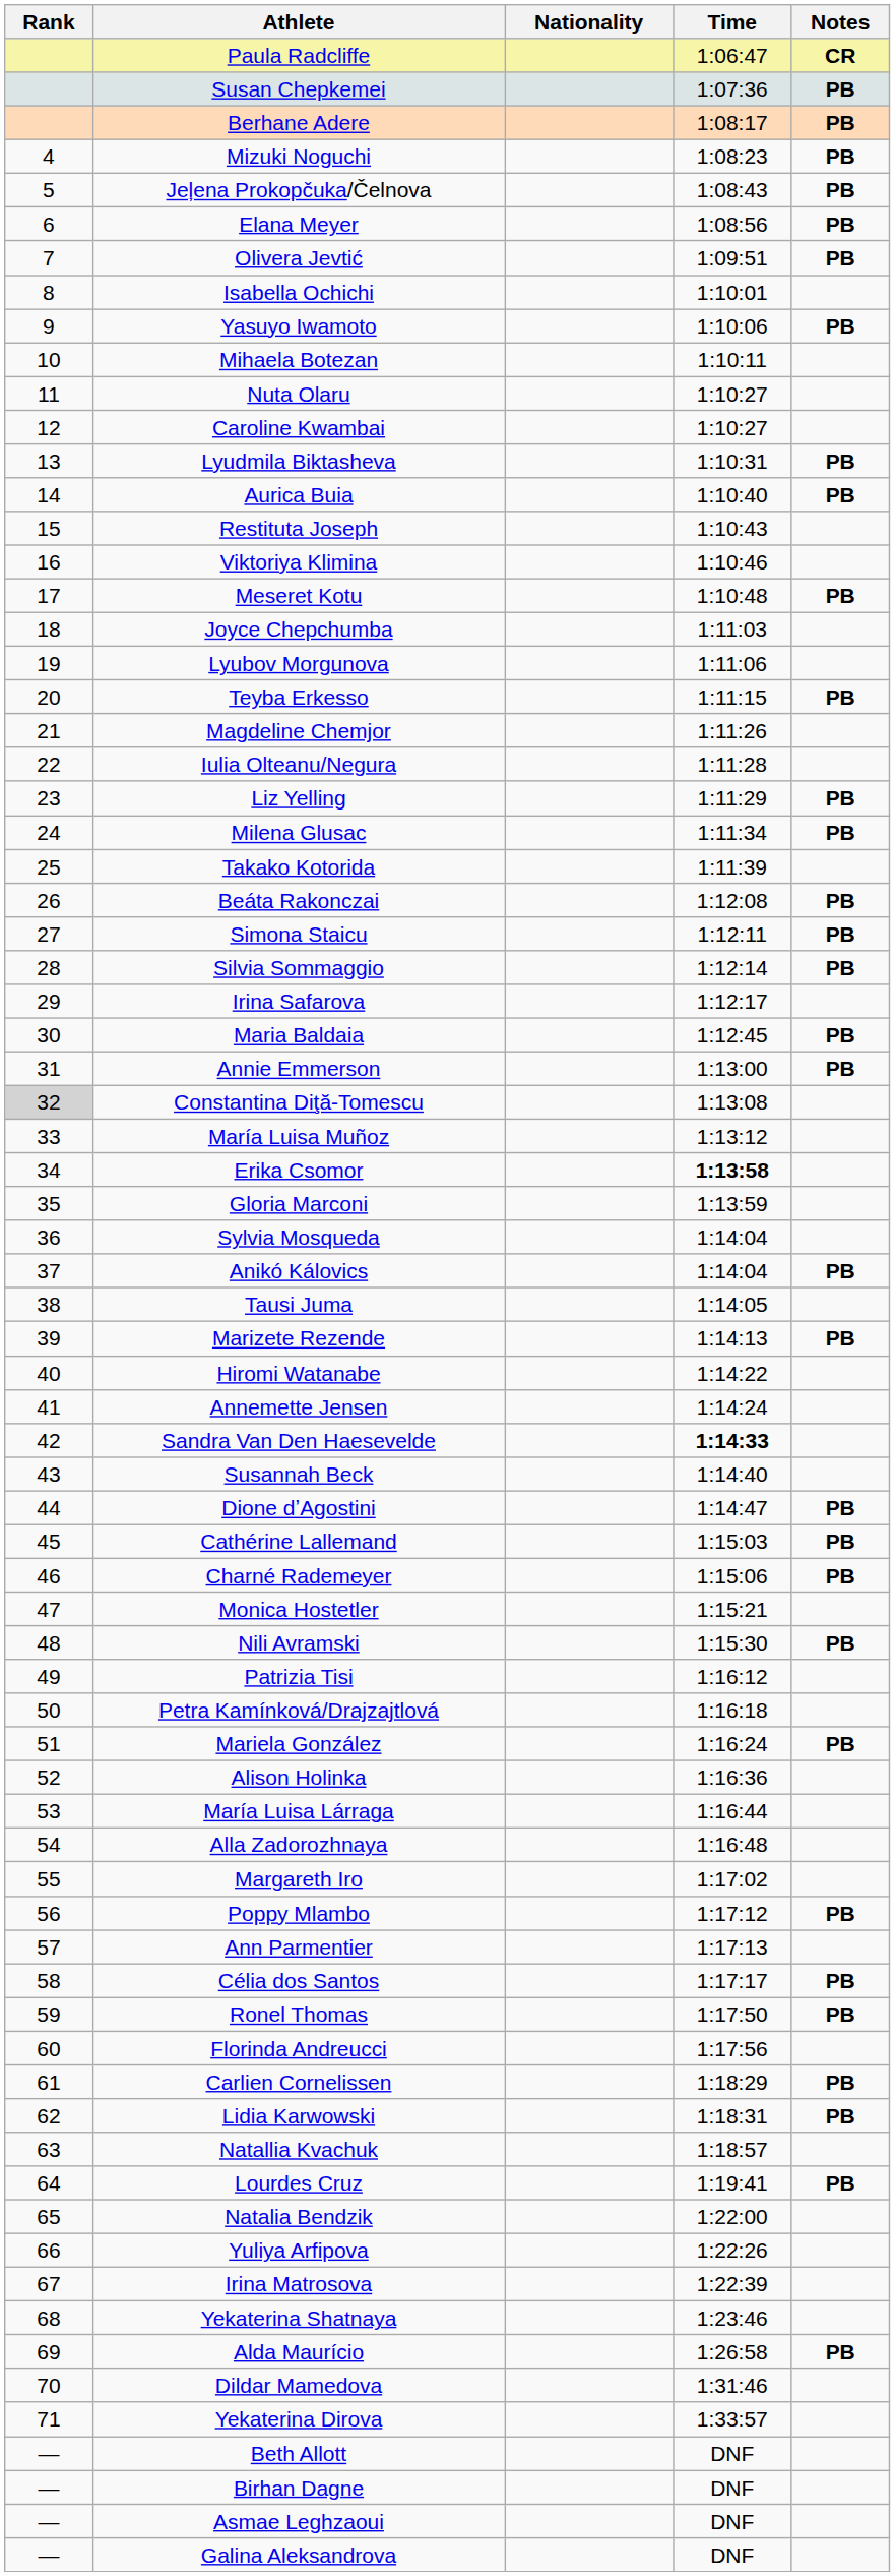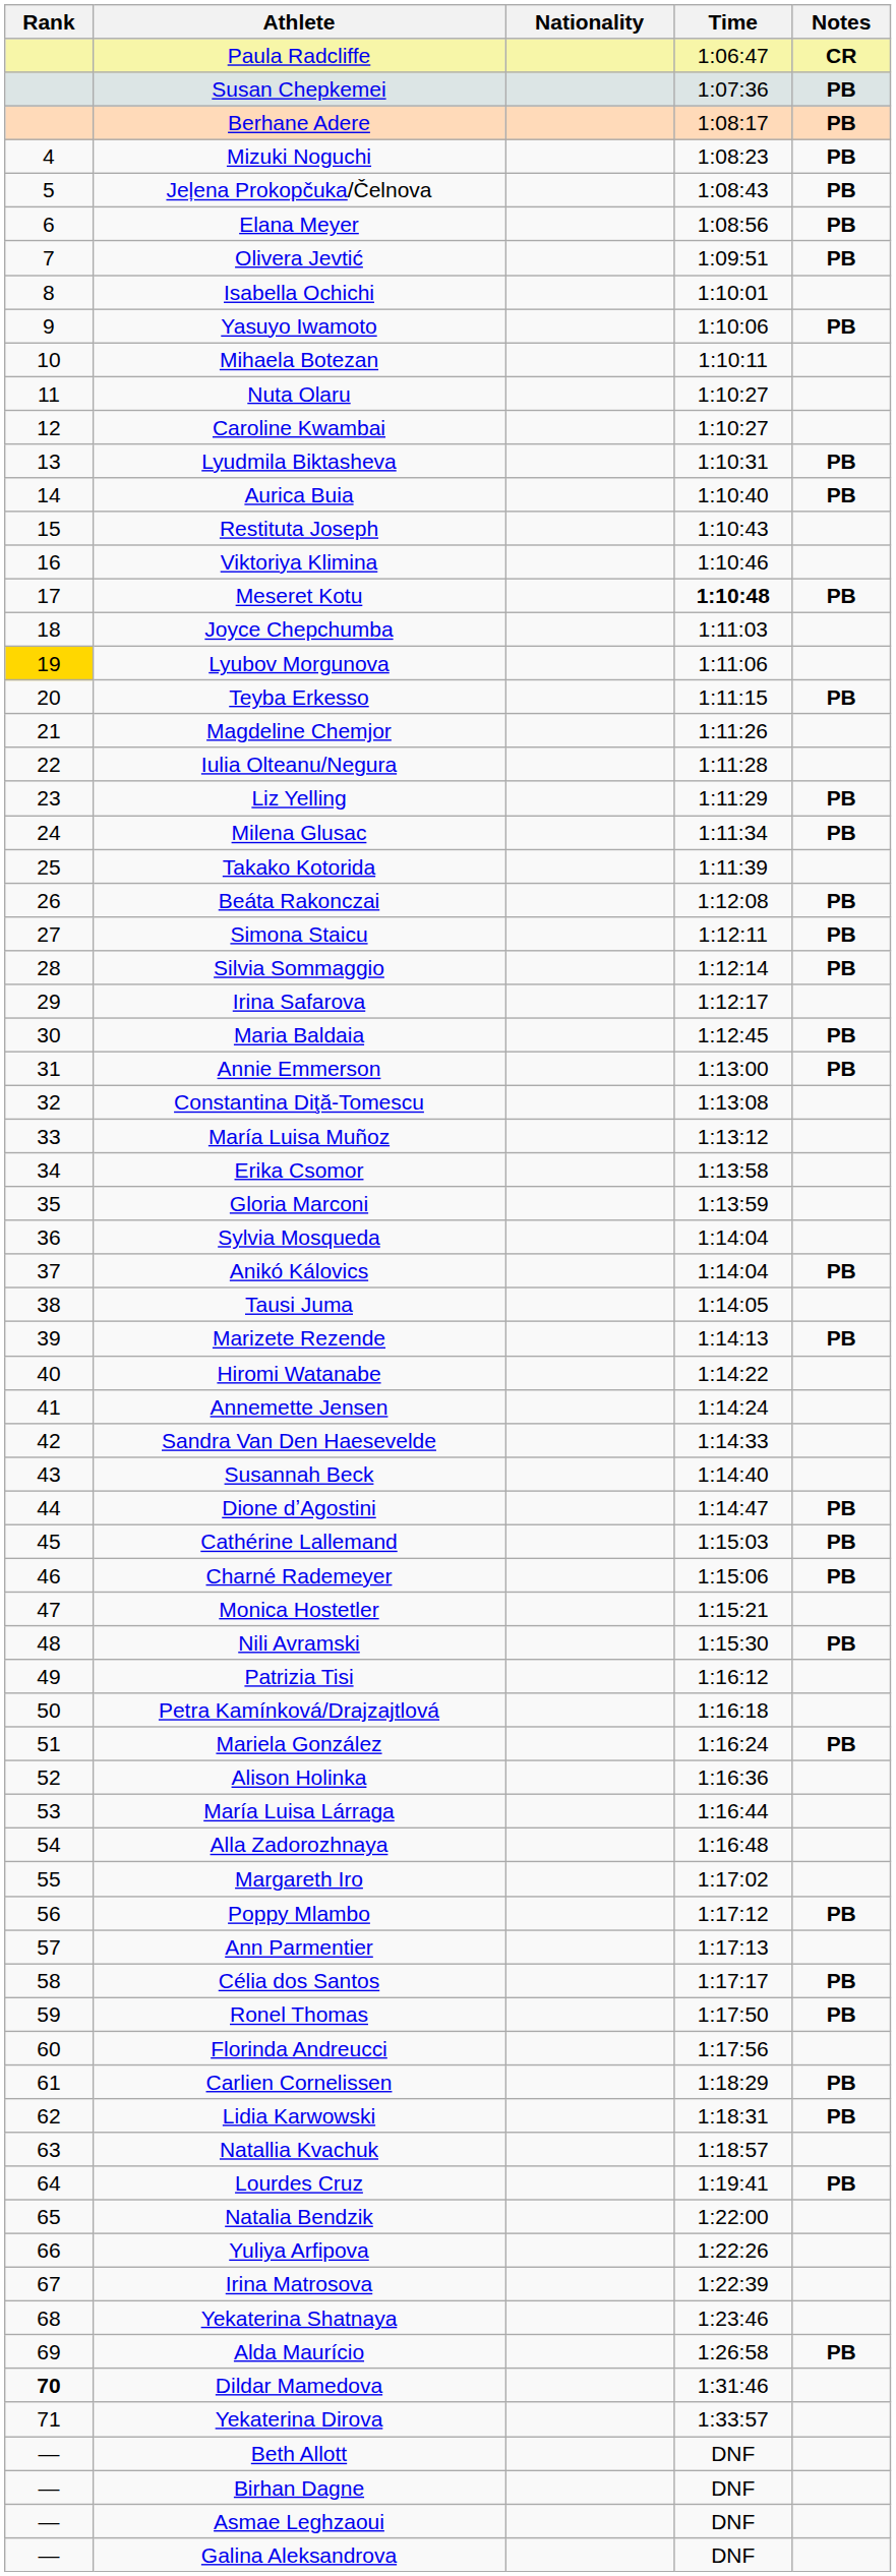 <table class="wikitable sortable" style=" text-align:center; font-size:95%;" width="50%">
 <tr>
 <th>Rank</th>
 <th>Athlete</th>
 <th>Nationality</th>
 <th>Time</th>
 <th>Notes</th>
 </tr>
 <tr bgcolor="#F7F6A8">
 <td align=center></td>
 <td><a href='#'>Paula Radcliffe</a></td>
 <td></td>
 <td>1:06:47</td>
 <td><strong>CR</strong></td>
 </tr>
 <tr bgcolor="#DCE5E5">
 <td align=center></td>
 <td><a href='#'>Susan Chepkemei</a></td>
 <td></td>
 <td>1:07:36</td>
 <td><strong>PB</strong></td>
 </tr>
 <tr bgcolor="#FFDAB9">
 <td align=center></td>
 <td><a href='#'>Berhane Adere</a></td>
 <td></td>
 <td>1:08:17</td>
 <td><strong>PB</strong></td>
 </tr>
 <tr>
 <td align=center>4</td>
 <td><a href='#'>Mizuki Noguchi</a></td>
 <td></td>
 <td>1:08:23</td>
 <td><strong>PB</strong></td>
 </tr>
 <tr>
 <td align=center>5</td>
 <td><a href='#'>Jeļena Prokopčuka</a>/Čelnova</td>
 <td></td>
 <td>1:08:43</td>
 <td><strong>PB</strong></td>
 </tr>
 <tr>
 <td align=center>6</td>
 <td><a href='#'>Elana Meyer</a></td>
 <td></td>
 <td>1:08:56</td>
 <td><strong>PB</strong></td>
 </tr>
 <tr>
 <td align=center>7</td>
 <td><a href='#'>Olivera Jevtić</a></td>
 <td></td>
 <td>1:09:51</td>
 <td><strong>PB</strong></td>
 </tr>
 <tr>
 <td align=center>8</td>
 <td><a href='#'>Isabella Ochichi</a></td>
 <td></td>
 <td>1:10:01</td>
 <td></td>
 </tr>
 <tr>
 <td align=center>9</td>
 <td><a href='#'>Yasuyo Iwamoto</a></td>
 <td></td>
 <td>1:10:06</td>
 <td><strong>PB</strong></td>
 </tr>
 <tr>
 <td align=center>10</td>
 <td><a href='#'>Mihaela Botezan</a></td>
 <td></td>
 <td>1:10:11</td>
 <td></td>
 </tr>
 <tr>
 <td align=center>11</td>
 <td><a href='#'>Nuta Olaru</a></td>
 <td></td>
 <td>1:10:27</td>
 <td></td>
 </tr>
 <tr>
 <td align=center>12</td>
 <td><a href='#'>Caroline Kwambai</a></td>
 <td></td>
 <td>1:10:27</td>
 <td></td>
 </tr>
 <tr>
 <td align=center>13</td>
 <td><a href='#'>Lyudmila Biktasheva</a></td>
 <td></td>
 <td>1:10:31</td>
 <td><strong>PB</strong></td>
 </tr>
 <tr>
 <td align=center>14</td>
 <td><a href='#'>Aurica Buia</a></td>
 <td></td>
 <td>1:10:40</td>
 <td><strong>PB</strong></td>
 </tr>
 <tr>
 <td align=center>15</td>
 <td><a href='#'>Restituta Joseph</a></td>
 <td></td>
 <td>1:10:43</td>
 <td></td>
 </tr>
 <tr>
 <td align=center>16</td>
 <td><a href='#'>Viktoriya Klimina</a></td>
 <td></td>
 <td>1:10:46</td>
 <td></td>
 </tr>
 <tr>
 <td align=center>17</td>
 <td><a href='#'>Meseret Kotu</a></td>
 <td></td>
-<td>1:10:48</td>
+<td><strong>1:10:48</strong></td>
 <td><strong>PB</strong></td>
 </tr>
 <tr>
 <td align=center>18</td>
 <td><a href='#'>Joyce Chepchumba</a></td>
 <td></td>
 <td>1:11:03</td>
 <td></td>
 </tr>
 <tr>
-<td align=center>19</td>
+<td align=center style="background: gold;">19</td>
 <td><a href='#'>Lyubov Morgunova</a></td>
 <td></td>
 <td>1:11:06</td>
 <td></td>
 </tr>
 <tr>
 <td align=center>20</td>
 <td><a href='#'>Teyba Erkesso</a></td>
 <td></td>
 <td>1:11:15</td>
 <td><strong>PB</strong></td>
 </tr>
 <tr>
 <td align=center>21</td>
 <td><a href='#'>Magdeline Chemjor</a></td>
 <td></td>
 <td>1:11:26</td>
 <td></td>
 </tr>
 <tr>
 <td align=center>22</td>
 <td><a href='#'>Iulia Olteanu/Negura</a></td>
 <td></td>
 <td>1:11:28</td>
 <td></td>
 </tr>
 <tr>
 <td align=center>23</td>
 <td><a href='#'>Liz Yelling</a></td>
 <td></td>
 <td>1:11:29</td>
 <td><strong>PB</strong></td>
 </tr>
 <tr>
 <td align=center>24</td>
 <td><a href='#'>Milena Glusac</a></td>
 <td></td>
 <td>1:11:34</td>
 <td><strong>PB</strong></td>
 </tr>
 <tr>
 <td align=center>25</td>
 <td><a href='#'>Takako Kotorida</a></td>
 <td></td>
 <td>1:11:39</td>
 <td></td>
 </tr>
 <tr>
 <td align=center>26</td>
 <td><a href='#'>Beáta Rakonczai</a></td>
 <td></td>
 <td>1:12:08</td>
 <td><strong>PB</strong></td>
 </tr>
 <tr>
 <td align=center>27</td>
 <td><a href='#'>Simona Staicu</a></td>
 <td></td>
 <td>1:12:11</td>
 <td><strong>PB</strong></td>
 </tr>
 <tr>
 <td align=center>28</td>
 <td><a href='#'>Silvia Sommaggio</a></td>
 <td></td>
 <td>1:12:14</td>
 <td><strong>PB</strong></td>
 </tr>
 <tr>
 <td align=center>29</td>
 <td><a href='#'>Irina Safarova</a></td>
 <td></td>
 <td>1:12:17</td>
 <td></td>
 </tr>
 <tr>
 <td align=center>30</td>
 <td><a href='#'>Maria Baldaia</a></td>
 <td></td>
 <td>1:12:45</td>
 <td><strong>PB</strong></td>
 </tr>
 <tr>
 <td align=center>31</td>
 <td><a href='#'>Annie Emmerson</a></td>
 <td></td>
 <td>1:13:00</td>
 <td><strong>PB</strong></td>
 </tr>
 <tr>
-<td align=center style="background: lightgrey;">32</td>
+<td align=center>32</td>
 <td><a href='#'>Constantina Diţă-Tomescu</a></td>
 <td></td>
 <td>1:13:08</td>
 <td></td>
 </tr>
 <tr>
 <td align=center>33</td>
 <td><a href='#'>María Luisa Muñoz</a></td>
 <td></td>
 <td>1:13:12</td>
 <td></td>
 </tr>
 <tr>
 <td align=center>34</td>
 <td><a href='#'>Erika Csomor</a></td>
 <td></td>
-<td><strong>1:13:58</strong></td>
+<td>1:13:58</td>
 <td></td>
 </tr>
 <tr>
 <td align=center>35</td>
 <td><a href='#'>Gloria Marconi</a></td>
 <td></td>
 <td>1:13:59</td>
 <td></td>
 </tr>
 <tr>
 <td align=center>36</td>
 <td><a href='#'>Sylvia Mosqueda</a></td>
 <td></td>
 <td>1:14:04</td>
 <td></td>
 </tr>
 <tr>
 <td align=center>37</td>
 <td><a href='#'>Anikó Kálovics</a></td>
 <td></td>
 <td>1:14:04</td>
 <td><strong>PB</strong></td>
 </tr>
 <tr>
 <td align=center>38</td>
 <td><a href='#'>Tausi Juma</a></td>
 <td></td>
 <td>1:14:05</td>
 <td></td>
 </tr>
 <tr>
 <td align=center>39</td>
 <td><a href='#'>Marizete Rezende</a></td>
 <td></td>
 <td>1:14:13</td>
 <td><strong>PB</strong></td>
 </tr>
 <tr>
 <td align=center>40</td>
 <td><a href='#'>Hiromi Watanabe</a></td>
 <td></td>
 <td>1:14:22</td>
 <td></td>
 </tr>
 <tr>
 <td align=center>41</td>
 <td><a href='#'>Annemette Jensen</a></td>
 <td></td>
 <td>1:14:24</td>
 <td></td>
 </tr>
 <tr>
 <td align=center>42</td>
 <td><a href='#'>Sandra Van Den Haesevelde</a></td>
 <td></td>
-<td><strong>1:14:33</strong></td>
+<td>1:14:33</td>
 <td></td>
 </tr>
 <tr>
 <td align=center>43</td>
 <td><a href='#'>Susannah Beck</a></td>
 <td></td>
 <td>1:14:40</td>
 <td></td>
 </tr>
 <tr>
 <td align=center>44</td>
 <td><a href='#'>Dione dʼAgostini</a></td>
 <td></td>
 <td>1:14:47</td>
 <td><strong>PB</strong></td>
 </tr>
 <tr>
 <td align=center>45</td>
 <td><a href='#'>Cathérine Lallemand</a></td>
 <td></td>
 <td>1:15:03</td>
 <td><strong>PB</strong></td>
 </tr>
 <tr>
 <td align=center>46</td>
 <td><a href='#'>Charné Rademeyer</a></td>
 <td></td>
 <td>1:15:06</td>
 <td><strong>PB</strong></td>
 </tr>
 <tr>
 <td align=center>47</td>
 <td><a href='#'>Monica Hostetler</a></td>
 <td></td>
 <td>1:15:21</td>
 <td></td>
 </tr>
 <tr>
 <td align=center>48</td>
 <td><a href='#'>Nili Avramski</a></td>
 <td></td>
 <td>1:15:30</td>
 <td><strong>PB</strong></td>
 </tr>
 <tr>
 <td align=center>49</td>
 <td><a href='#'>Patrizia Tisi</a></td>
 <td></td>
 <td>1:16:12</td>
 <td></td>
 </tr>
 <tr>
 <td align=center>50</td>
 <td><a href='#'>Petra Kamínková/Drajzajtlová</a></td>
 <td></td>
 <td>1:16:18</td>
 <td></td>
 </tr>
 <tr>
 <td align=center>51</td>
 <td><a href='#'>Mariela González</a></td>
 <td></td>
 <td>1:16:24</td>
 <td><strong>PB</strong></td>
 </tr>
 <tr>
 <td align=center>52</td>
 <td><a href='#'>Alison Holinka</a></td>
 <td></td>
 <td>1:16:36</td>
 <td></td>
 </tr>
 <tr>
 <td align=center>53</td>
 <td><a href='#'>María Luisa Lárraga</a></td>
 <td></td>
 <td>1:16:44</td>
 <td></td>
 </tr>
 <tr>
 <td align=center>54</td>
 <td><a href='#'>Alla Zadorozhnaya</a></td>
 <td></td>
 <td>1:16:48</td>
 <td></td>
 </tr>
 <tr>
 <td align=center>55</td>
 <td><a href='#'>Margareth Iro</a></td>
 <td></td>
 <td>1:17:02</td>
 <td></td>
 </tr>
 <tr>
 <td align=center>56</td>
 <td><a href='#'>Poppy Mlambo</a></td>
 <td></td>
 <td>1:17:12</td>
 <td><strong>PB</strong></td>
 </tr>
 <tr>
 <td align=center>57</td>
 <td><a href='#'>Ann Parmentier</a></td>
 <td></td>
 <td>1:17:13</td>
 <td></td>
 </tr>
 <tr>
 <td align=center>58</td>
 <td><a href='#'>Célia dos Santos</a></td>
 <td></td>
 <td>1:17:17</td>
 <td><strong>PB</strong></td>
 </tr>
 <tr>
 <td align=center>59</td>
 <td><a href='#'>Ronel Thomas</a></td>
 <td></td>
 <td>1:17:50</td>
 <td><strong>PB</strong></td>
 </tr>
 <tr>
 <td align=center>60</td>
 <td><a href='#'>Florinda Andreucci</a></td>
 <td></td>
 <td>1:17:56</td>
 <td></td>
 </tr>
 <tr>
 <td align=center>61</td>
 <td><a href='#'>Carlien Cornelissen</a></td>
 <td></td>
 <td>1:18:29</td>
 <td><strong>PB</strong></td>
 </tr>
 <tr>
 <td align=center>62</td>
 <td><a href='#'>Lidia Karwowski</a></td>
 <td></td>
 <td>1:18:31</td>
 <td><strong>PB</strong></td>
 </tr>
 <tr>
 <td align=center>63</td>
 <td><a href='#'>Natallia Kvachuk</a></td>
 <td></td>
 <td>1:18:57</td>
 <td></td>
 </tr>
 <tr>
 <td align=center>64</td>
 <td><a href='#'>Lourdes Cruz</a></td>
 <td></td>
 <td>1:19:41</td>
 <td><strong>PB</strong></td>
 </tr>
 <tr>
 <td align=center>65</td>
 <td><a href='#'>Natalia Bendzik</a></td>
 <td></td>
 <td>1:22:00</td>
 <td></td>
 </tr>
 <tr>
 <td align=center>66</td>
 <td><a href='#'>Yuliya Arfipova</a></td>
 <td></td>
 <td>1:22:26</td>
 <td></td>
 </tr>
 <tr>
 <td align=center>67</td>
 <td><a href='#'>Irina Matrosova</a></td>
 <td></td>
 <td>1:22:39</td>
 <td></td>
 </tr>
 <tr>
 <td align=center>68</td>
 <td><a href='#'>Yekaterina Shatnaya</a></td>
 <td></td>
 <td>1:23:46</td>
 <td></td>
 </tr>
 <tr>
 <td align=center>69</td>
 <td><a href='#'>Alda Maurício</a></td>
 <td></td>
 <td>1:26:58</td>
 <td><strong>PB</strong></td>
 </tr>
 <tr>
-<td align=center>70</td>
+<td align=center><strong>70</strong></td>
 <td><a href='#'>Dildar Mamedova</a></td>
 <td></td>
 <td>1:31:46</td>
 <td></td>
 </tr>
 <tr>
 <td align=center>71</td>
 <td><a href='#'>Yekaterina Dirova</a></td>
 <td></td>
 <td>1:33:57</td>
 <td></td>
 </tr>
 <tr>
 <td align=center>—</td>
 <td><a href='#'>Beth Allott</a></td>
 <td></td>
 <td>DNF</td>
 <td></td>
 </tr>
 <tr>
 <td align=center>—</td>
 <td><a href='#'>Birhan Dagne</a></td>
 <td></td>
 <td>DNF</td>
 <td></td>
 </tr>
 <tr>
 <td align=center>—</td>
 <td><a href='#'>Asmae Leghzaoui</a></td>
 <td></td>
 <td>DNF</td>
 <td></td>
 </tr>
 <tr>
 <td align=center>—</td>
 <td><a href='#'>Galina Aleksandrova</a></td>
 <td></td>
 <td>DNF</td>
 <td></td>
 </tr>
 </table>
